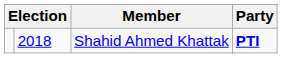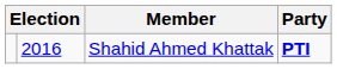 <table class="wikitable">
 <tr>
 <th colspan="2">Election</th>
 <th>Member</th>
 <th>Party</th>
 </tr>
 <tr>
 <td style="background-color: "></td>
-<td><a href='#'>2018</a></td>
+<td><a href='#'>2016</a></td>
 <td><a href='#'>Shahid Ahmed Khattak</a></td>
 <td><strong><a href='#'>PTI</a></strong></td>
 </tr>
 </table>
